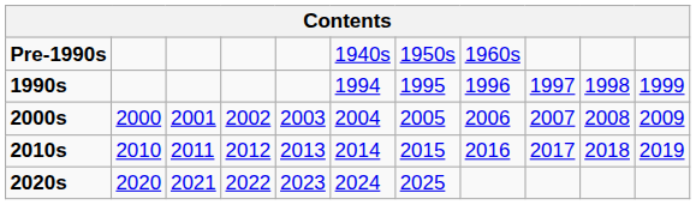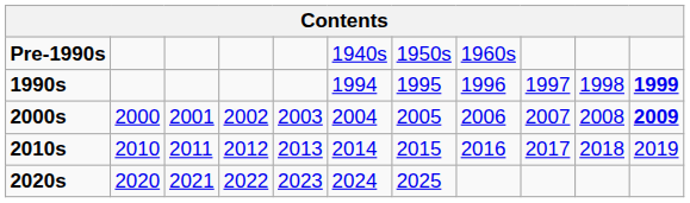 <table class="wikitable">
 <tr>
 <th colspan="11">Contents</th>
 </tr>
 <tr>
 <td><strong>Pre-1990s</strong></td>
 <td></td>
 <td></td>
 <td></td>
 <td></td>
 <td><a href='#'>1940s</a></td>
 <td><a href='#'>1950s</a></td>
 <td><a href='#'>1960s</a></td>
 <td></td>
 <td></td>
 <td></td>
 </tr>
 <tr>
 <td><strong>1990s</strong></td>
 <td></td>
 <td></td>
 <td></td>
 <td></td>
 <td><a href='#'>1994</a></td>
 <td><a href='#'>1995</a></td>
 <td><a href='#'>1996</a></td>
 <td><a href='#'>1997</a></td>
 <td><a href='#'>1998</a></td>
-<td><a href='#'>1999</a></td>
+<td><strong><a href='#'>1999</a></strong></td>
 </tr>
 <tr>
 <td><strong>2000s</strong></td>
 <td><a href='#'>2000</a></td>
 <td><a href='#'>2001</a></td>
 <td><a href='#'>2002</a></td>
 <td><a href='#'>2003</a></td>
 <td><a href='#'>2004</a></td>
 <td><a href='#'>2005</a></td>
 <td><a href='#'>2006</a></td>
 <td><a href='#'>2007</a></td>
 <td><a href='#'>2008</a></td>
-<td><a href='#'>2009</a></td>
+<td><strong><a href='#'>2009</a></strong></td>
 </tr>
 <tr>
 <td><strong>2010s</strong></td>
 <td><a href='#'>2010</a></td>
 <td><a href='#'>2011</a></td>
 <td><a href='#'>2012</a></td>
 <td><a href='#'>2013</a></td>
 <td><a href='#'>2014</a></td>
 <td><a href='#'>2015</a></td>
 <td><a href='#'>2016</a></td>
 <td><a href='#'>2017</a></td>
 <td><a href='#'>2018</a></td>
 <td><a href='#'>2019</a></td>
 </tr>
 <tr>
 <td><strong>2020s</strong></td>
 <td><a href='#'>2020</a></td>
 <td><a href='#'>2021</a></td>
 <td><a href='#'>2022</a></td>
 <td><a href='#'>2023</a></td>
 <td><a href='#'>2024</a></td>
 <td><a href='#'>2025</a></td>
 <td></td>
 <td></td>
 <td></td>
 <td></td>
 </tr>
 </table>
